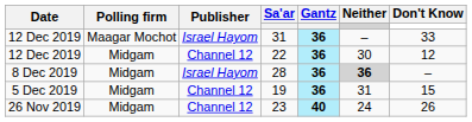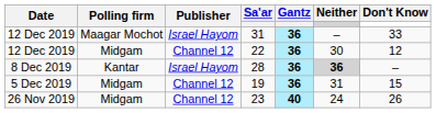 <table class="wikitable sortable" style="text-align:center; font-size:90%; line-height:13px;">
 <tr>
 <th rowspan=2>Date</th>
 <th rowspan=2>Polling firm</th>
 <th rowspan=2>Publisher</th>
 <th><a href='#'>Sa'ar</a></th>
 <th><a href='#'>Gantz</a></th>
 <th>Neither</th>
 <th>Don't Know</th>
 </tr>
 <tr>
 <th style="background:"></th>
 <th style="background:"></th>
 <th style="background:#d3d3d3"></th>
 <th style="background:#ffffff"></th>
 </tr>
 <tr>
 <td data-sort-value="2019-12-12">12 Dec 2019</td>
 <td>Maagar Mochot</td>
 <td><em><a href='#'>Israel Hayom</a></em></td>
 <td>31					</td>
 <td style="background:#B2EDFB"><strong>36</strong>	</td>
 <td>–					</td>
 <td>33					</td>
 </tr>
 <tr>
 <td data-sort-value="2019-12-12">12 Dec 2019</td>
 <td>Midgam</td>
 <td><a href='#'>Channel 12</a></td>
 <td>22					</td>
 <td style="background:#B2EDFB"><strong>36</strong>	</td>
 <td>30					</td>
 <td>12					</td>
 </tr>
 <tr>
 <td data-sort-value="2019-12-08">8 Dec 2019</td>
-<td>Midgam</td>
+<td>Kantar</td>
 <td><em><a href='#'>Israel Hayom</a></em></td>
 <td>28					</td>
 <td style="background:#B2EDFB"><strong>36</strong>	</td>
 <td style="background:#d3d3d3"><strong>36</strong>	</td>
 <td>–					</td>
 </tr>
 <tr>
 <td data-sort-value="2019-12-05">5 Dec 2019</td>
 <td>Midgam</td>
 <td><a href='#'>Channel 12</a></td>
 <td>19					</td>
 <td style="background:#B2EDFB"><strong>36</strong>	</td>
 <td>31					</td>
 <td>15					</td>
 </tr>
 <tr>
 <td data-sort-value="2019-11-26">26 Nov 2019</td>
 <td>Midgam</td>
 <td><a href='#'>Channel 12</a></td>
 <td>23					</td>
 <td style="background:#B2EDFB"><strong>40</strong>	</td>
 <td>24					</td>
 <td>26					</td>
 </tr>
 </table>
